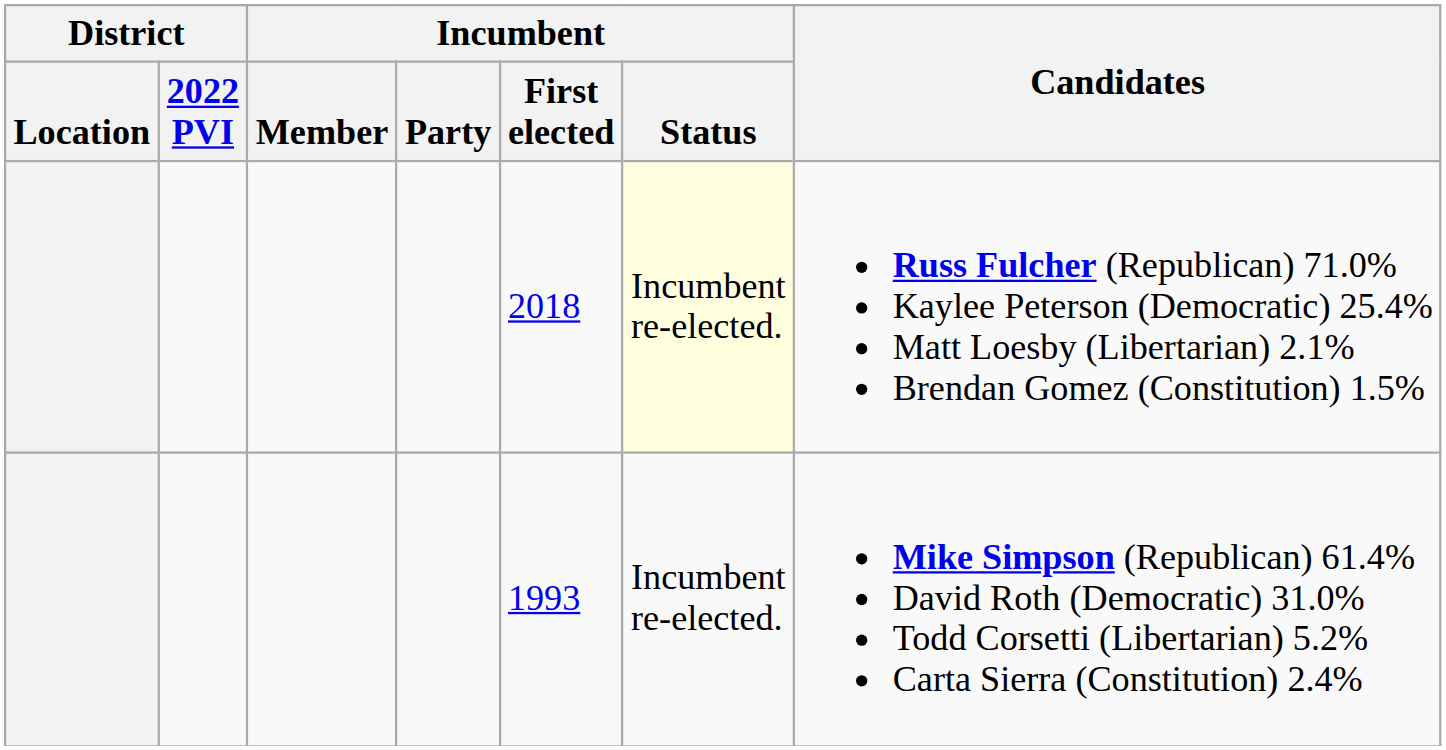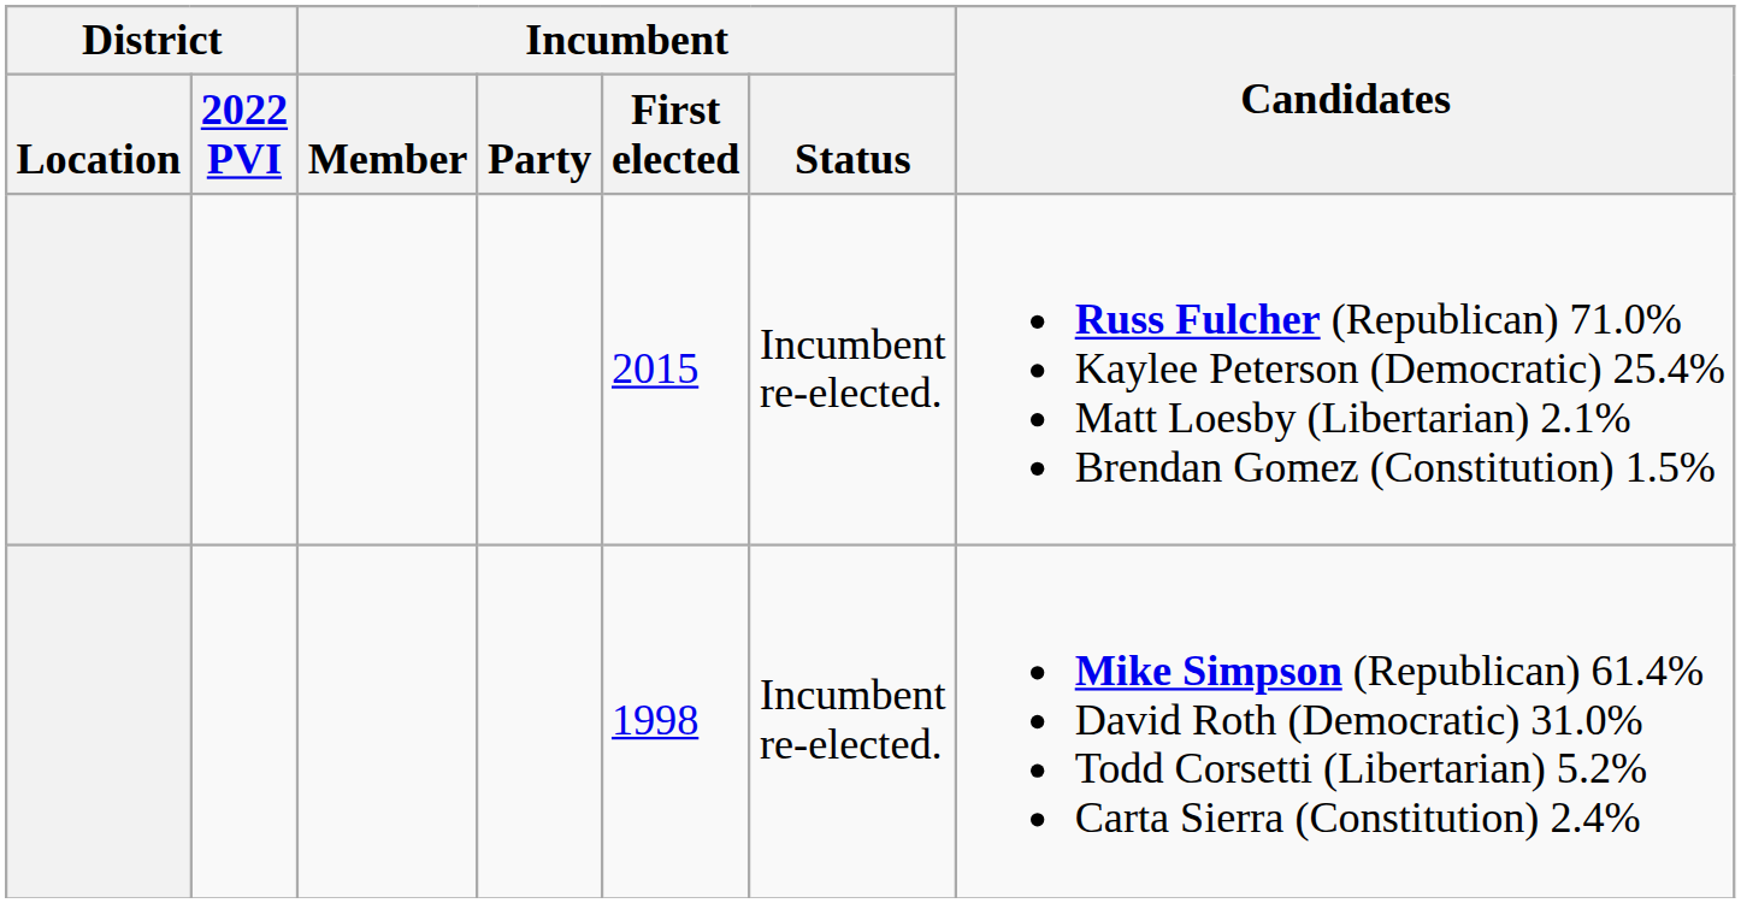 <table class="wikitable sortable">
 <tr>
 <th colspan=2>District</th>
 <th colspan=4>Incumbent</th>
 <th rowspan=2 class="unsortable">Candidates</th>
 </tr>
 <tr valign=bottom>
 <th>Location</th>
 <th><a href='#'>2022<br>PVI</a></th>
 <th>Member</th>
 <th>Party</th>
 <th>First<br>elected</th>
 <th>Status</th>
 </tr>
 <tr>
 <th></th>
 <td></td>
 <td></td>
 <td></td>
-<td><a href='#'>2018</a></td>
-<td style="background: lightyellow;">Incumbent re-elected.</td>
+<td><a href='#'>2015</a></td>
+<td>Incumbent re-elected.</td>
 <td nowrap><br><ul><li> <strong><a href='#'>Russ Fulcher</a></strong> (Republican) 71.0%</li><li>Kaylee Peterson (Democratic) 25.4%</li><li>Matt Loesby (Libertarian) 2.1%</li><li>Brendan Gomez (Constitution) 1.5%</li></ul></td>
 </tr>
 <tr>
 <th></th>
 <td></td>
 <td></td>
 <td></td>
-<td><a href='#'>1993</a></td>
+<td><a href='#'>1998</a></td>
 <td>Incumbent re-elected.</td>
 <td nowrap><br><ul><li> <strong><a href='#'>Mike Simpson</a></strong> (Republican) 61.4%</li><li>David Roth (Democratic) 31.0%</li><li>Todd Corsetti (Libertarian) 5.2%</li><li>Carta Sierra (Constitution) 2.4%</li></ul></td>
 </tr>
 </table>
